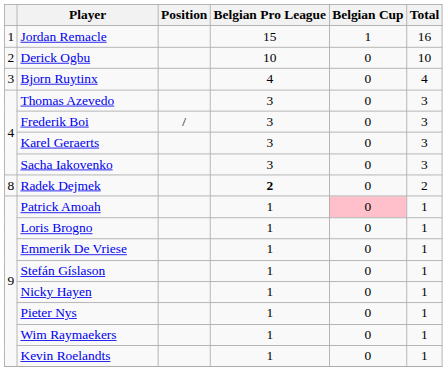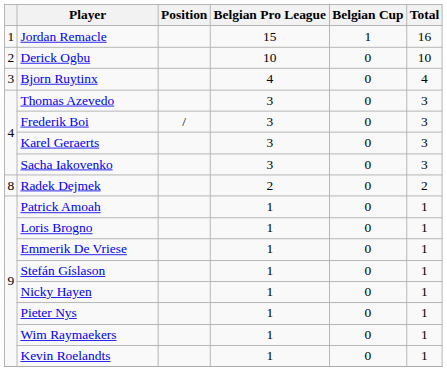 <table class="wikitable">
 <tr>
 <th></th>
 <th style="width:160px;">Player</th>
 <th>Position</th>
 <th>Belgian Pro League</th>
 <th>Belgian Cup</th>
 <th>Total</th>
 </tr>
 <tr>
 <td>1</td>
 <td> <a href='#'>Jordan Remacle</a></td>
 <td align=center></td>
 <td align=center>15</td>
 <td align=center>1</td>
 <td align=center>16</td>
 </tr>
 <tr>
 <td>2</td>
 <td> <a href='#'>Derick Ogbu</a></td>
 <td align=center></td>
 <td align=center>10</td>
 <td align=center>0</td>
 <td align=center>10</td>
 </tr>
 <tr>
 <td>3</td>
 <td> <a href='#'>Bjorn Ruytinx</a></td>
 <td align=center></td>
 <td align=center>4</td>
 <td align=center>0</td>
 <td align=center>4</td>
 </tr>
 <tr>
 <td rowspan=4>4</td>
 <td> <a href='#'>Thomas Azevedo</a></td>
 <td align=center></td>
 <td align=center>3</td>
 <td align=center>0</td>
 <td align=center>3</td>
 </tr>
 <tr>
 <td> <a href='#'>Frederik Boi</a></td>
 <td align=center>/</td>
 <td align=center>3</td>
 <td align=center>0</td>
 <td align=center>3</td>
 </tr>
 <tr>
 <td> <a href='#'>Karel Geraerts</a></td>
 <td align=center></td>
 <td align=center>3</td>
 <td align=center>0</td>
 <td align=center>3</td>
 </tr>
 <tr>
 <td> <a href='#'>Sacha Iakovenko</a></td>
 <td align=center></td>
 <td align=center>3</td>
 <td align=center>0</td>
 <td align=center>3</td>
 </tr>
 <tr>
 <td>8</td>
 <td> <a href='#'>Radek Dejmek</a></td>
 <td align=center></td>
-<td align=center><strong>2</strong></td>
+<td align=center>2</td>
 <td align=center>0</td>
 <td align=center>2</td>
 </tr>
 <tr>
 <td rowspan=8>9</td>
 <td> <a href='#'>Patrick Amoah</a></td>
 <td align=center></td>
 <td align=center>1</td>
-<td align=center style="background: pink;">0</td>
+<td align=center>0</td>
 <td align=center>1</td>
 </tr>
 <tr>
 <td> <a href='#'>Loris Brogno</a></td>
 <td align=center></td>
 <td align=center>1</td>
 <td align=center>0</td>
 <td align=center>1</td>
 </tr>
 <tr>
 <td> <a href='#'>Emmerik De Vriese</a></td>
 <td align=center></td>
 <td align=center>1</td>
 <td align=center>0</td>
 <td align=center>1</td>
 </tr>
 <tr>
 <td> <a href='#'>Stefán Gíslason</a></td>
 <td align=center></td>
 <td align=center>1</td>
 <td align=center>0</td>
 <td align=center>1</td>
 </tr>
 <tr>
 <td> <a href='#'>Nicky Hayen</a></td>
 <td align=center></td>
 <td align=center>1</td>
 <td align=center>0</td>
 <td align=center>1</td>
 </tr>
 <tr>
 <td> <a href='#'>Pieter Nys</a></td>
 <td align=center></td>
 <td align=center>1</td>
 <td align=center>0</td>
 <td align=center>1</td>
 </tr>
 <tr>
 <td> <a href='#'>Wim Raymaekers</a></td>
 <td align=center></td>
 <td align=center>1</td>
 <td align=center>0</td>
 <td align=center>1</td>
 </tr>
 <tr>
 <td> <a href='#'>Kevin Roelandts</a></td>
 <td align=center></td>
 <td align=center>1</td>
 <td align=center>0</td>
 <td align=center>1</td>
 </tr>
 <tr>
 </tr>
 </table>
